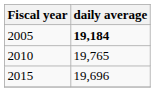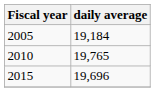 <table class="wikitable">
 <tr>
 <th>Fiscal year</th>
 <th>daily average</th>
 </tr>
 <tr>
 <td>2005</td>
-<td><strong>19,184</strong></td>
+<td>19,184</td>
 </tr>
 <tr>
 <td>2010</td>
 <td>19,765</td>
 </tr>
 <tr>
 <td>2015</td>
 <td>19,696</td>
 </tr>
 <tr>
 </tr>
 </table>
